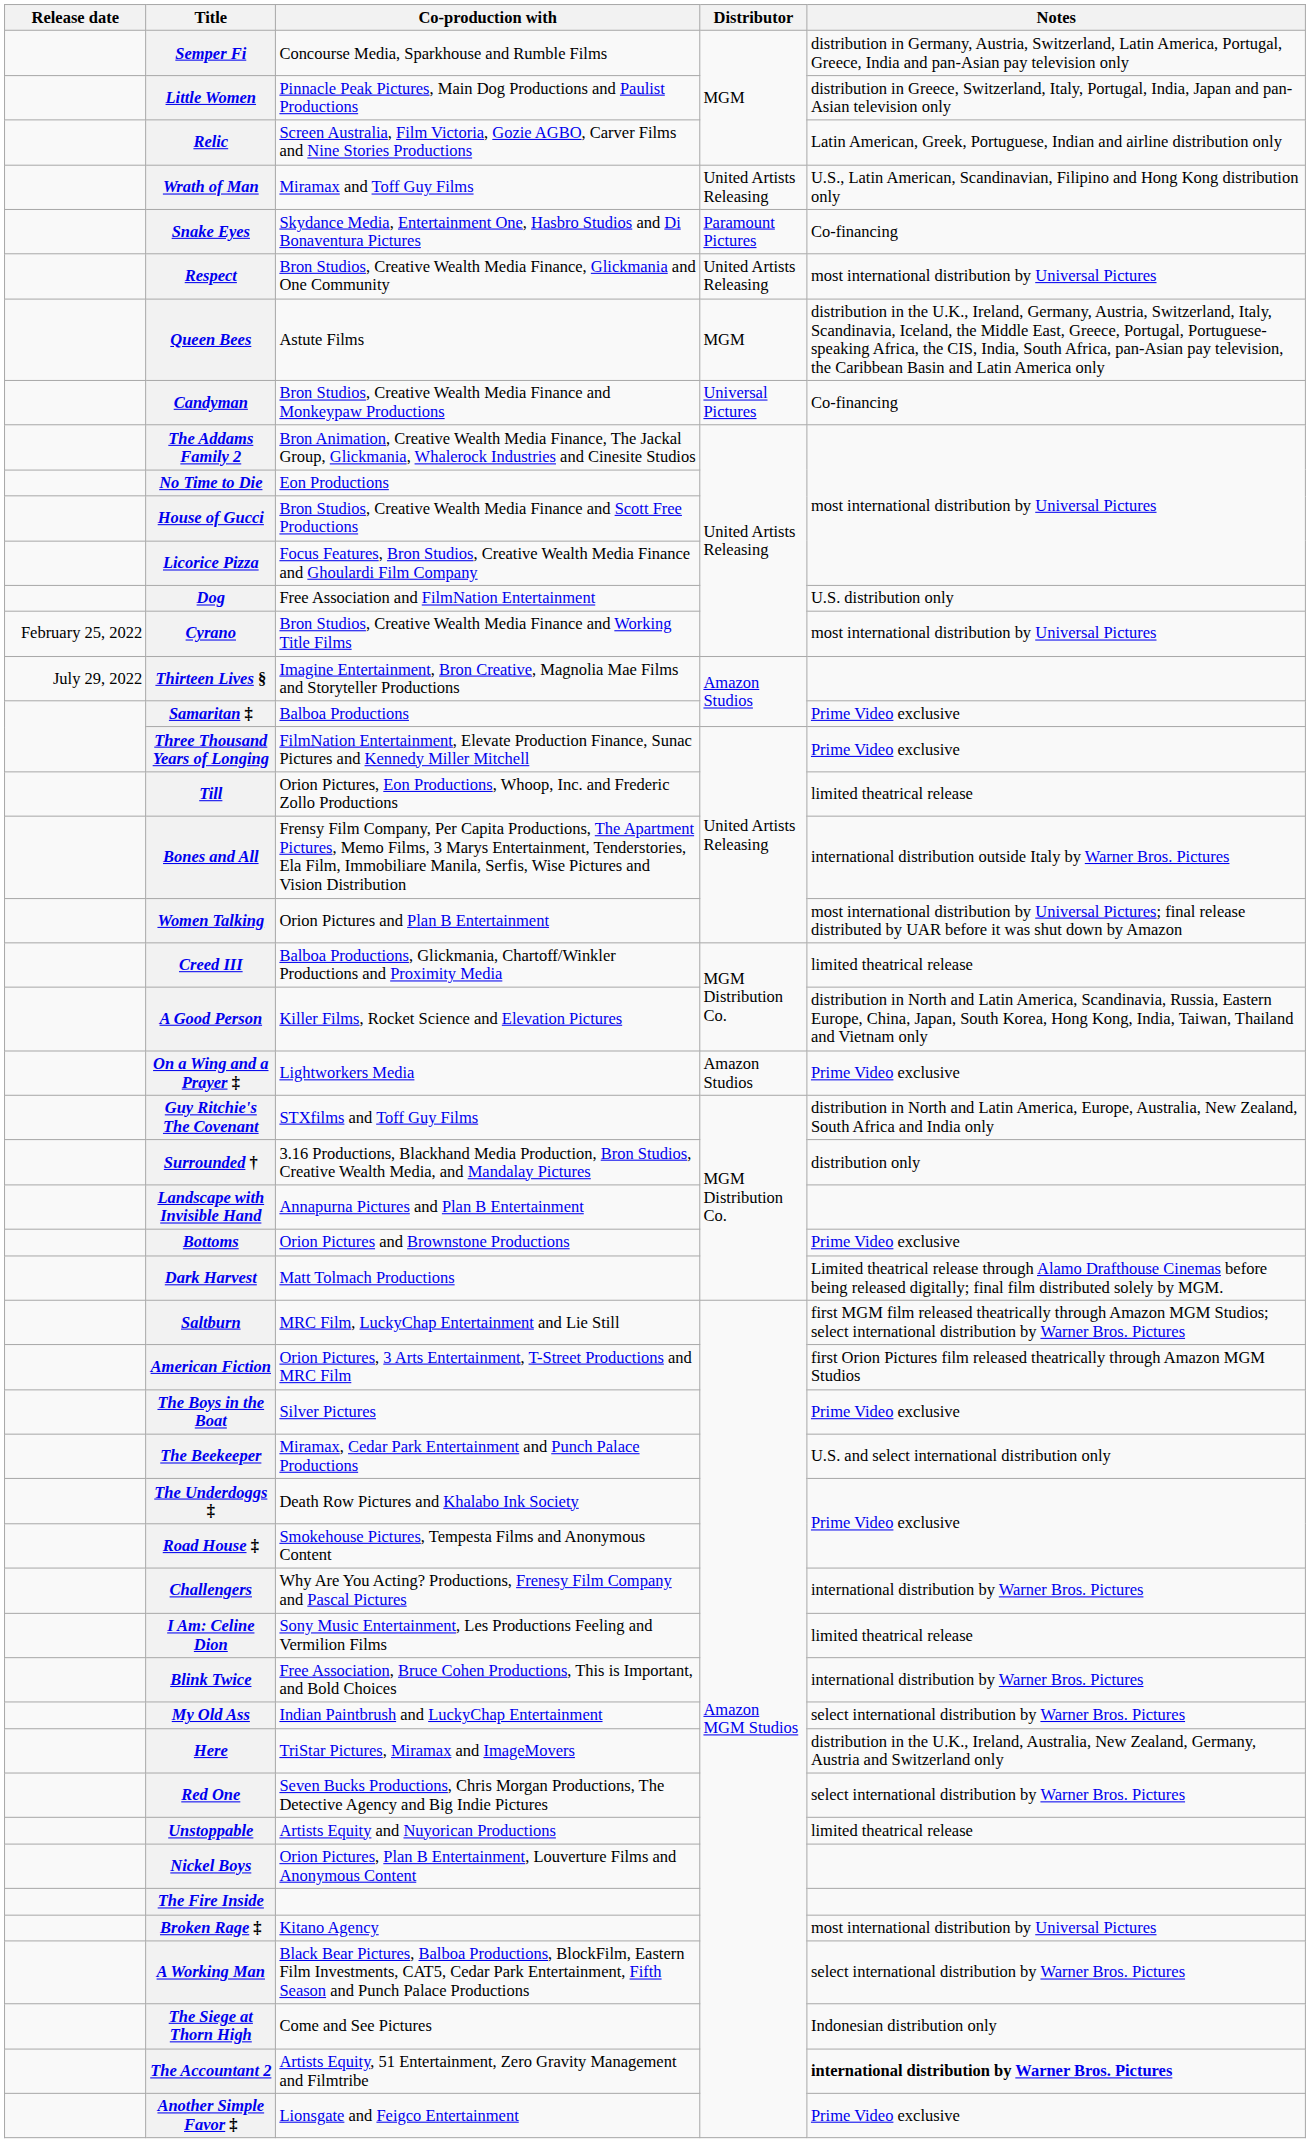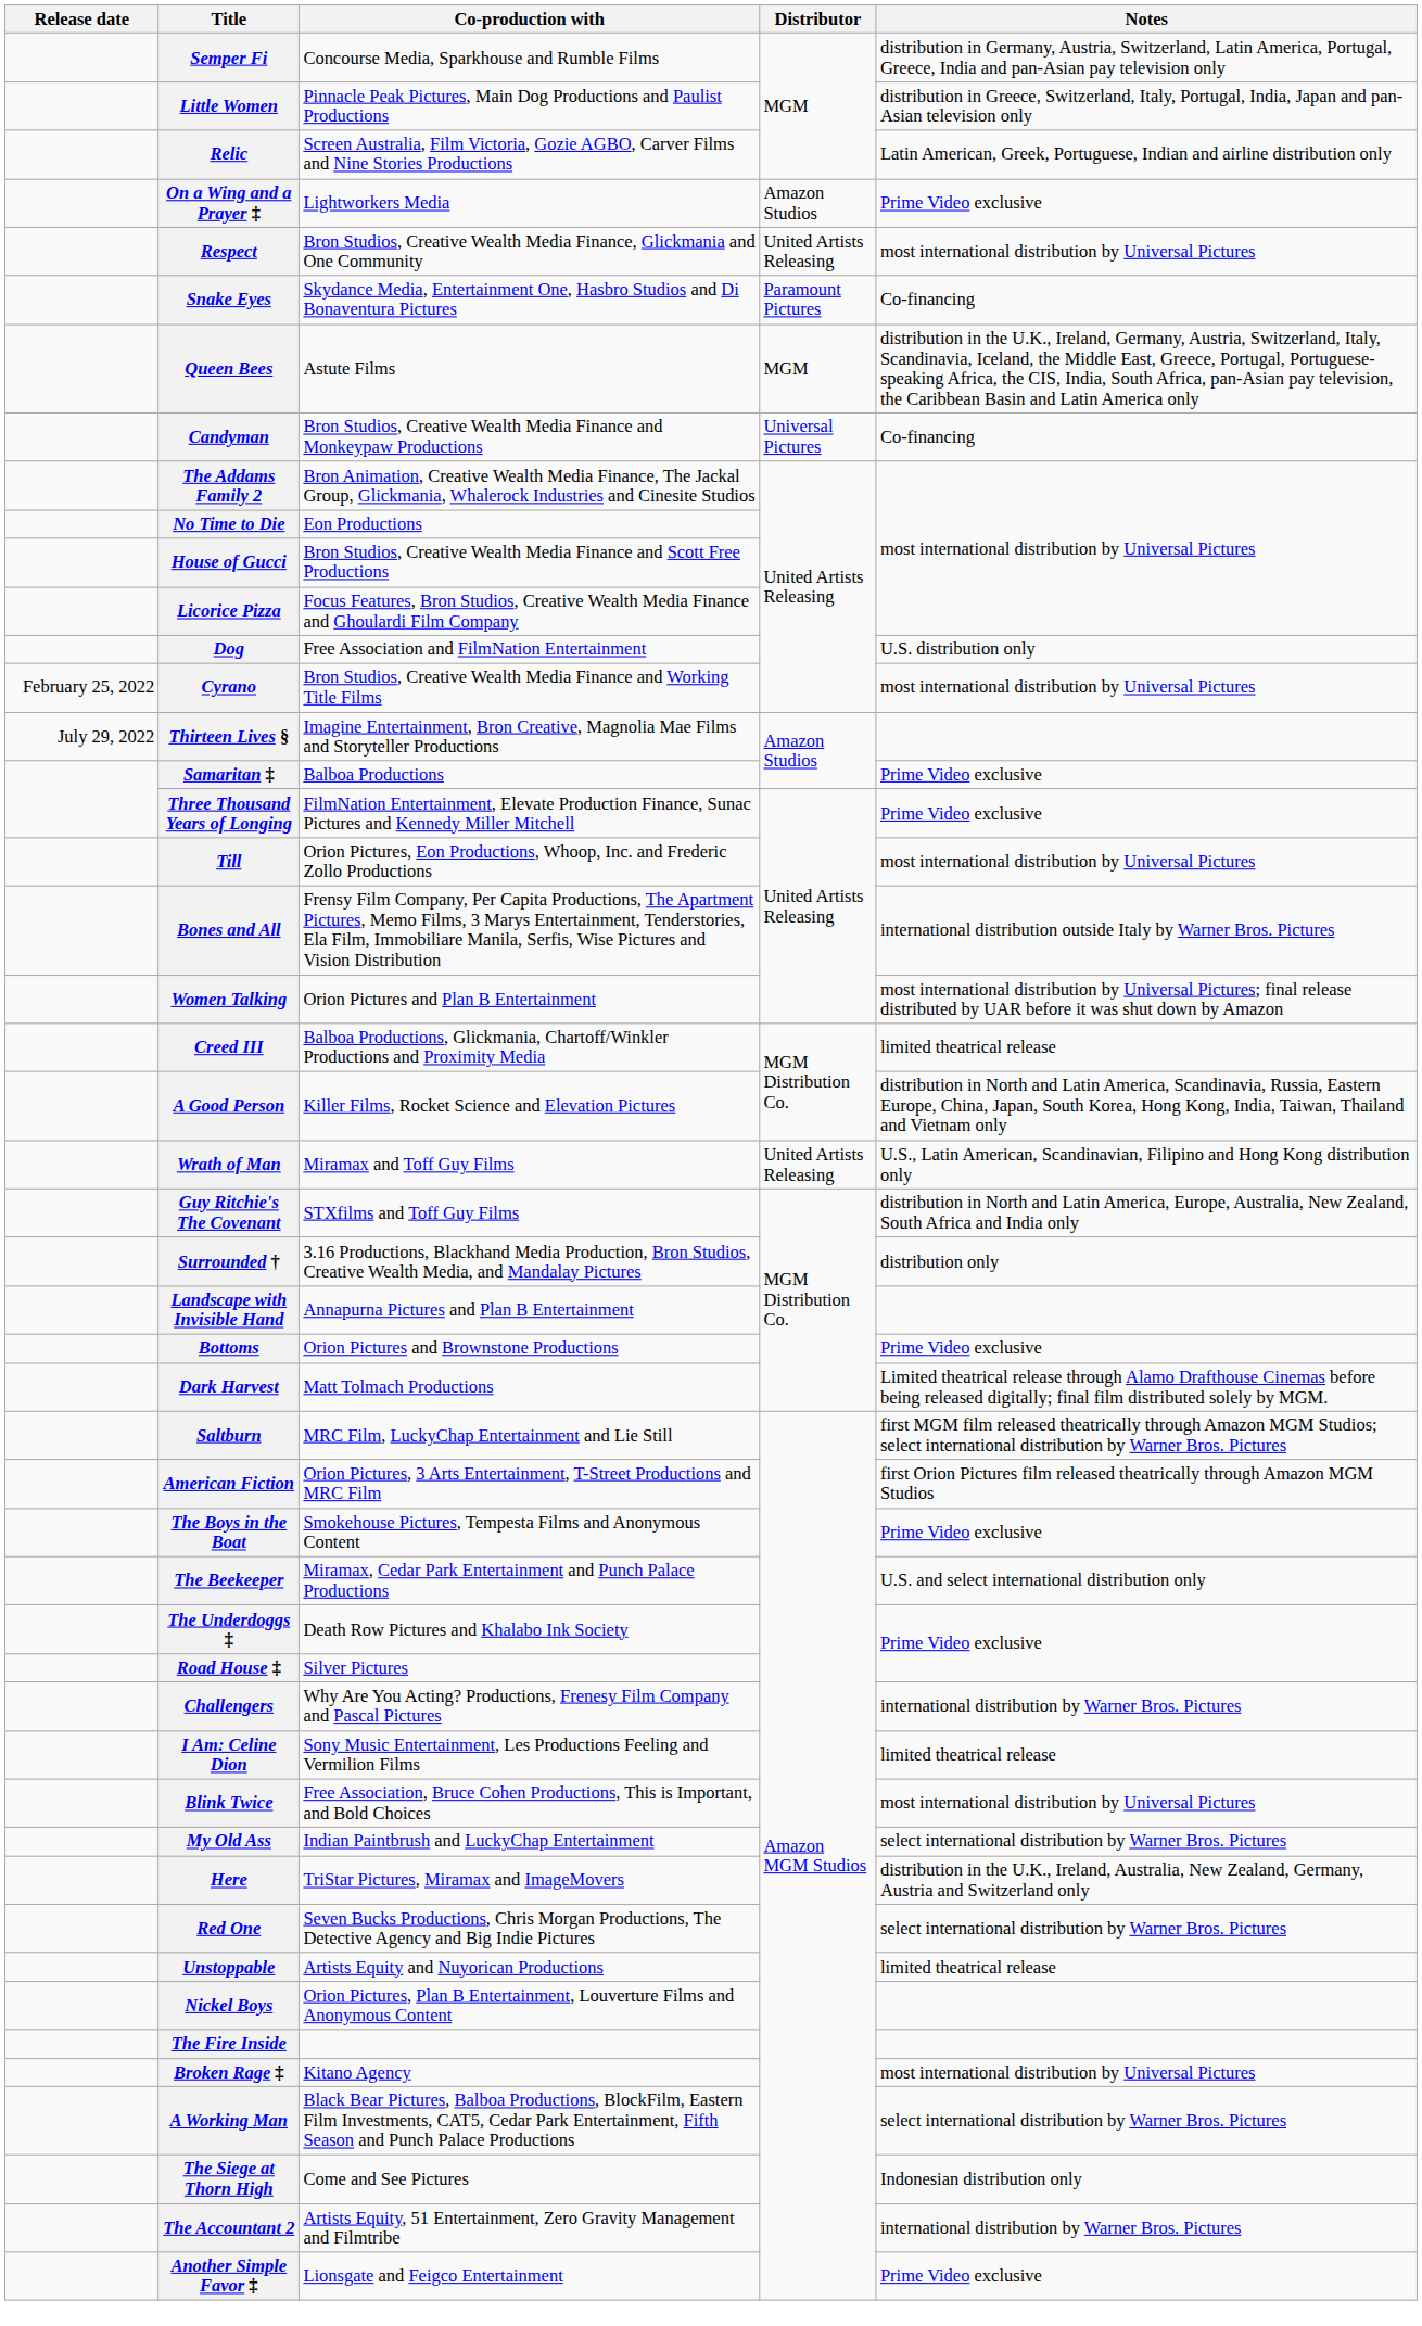 <table class="wikitable plainrowheaders sortable" style="width:100%;">
 <tr>
 <th scope="col" style="width:130px;">Release date</th>
 <th scope="col">Title</th>
 <th scope="col">Co-production with</th>
 <th scope="col">Distributor</th>
 <th scope="col">Notes</th>
 </tr>
 <tr>
 <td style="text-align:right;"></td>
 <th scope="row"><em><a href='#'>Semper Fi</a></em></th>
 <td>Concourse Media, Sparkhouse and Rumble Films</td>
 <td rowspan="3">MGM</td>
 <td>distribution in Germany, Austria, Switzerland, Latin America, Portugal, Greece, India and pan-Asian pay television only</td>
 </tr>
 <tr>
 <td style="text-align:right;"></td>
 <th scope="row"><em><a href='#'>Little Women</a></em></th>
 <td><a href='#'>Pinnacle Peak Pictures</a>, Main Dog Productions and <a href='#'>Paulist Productions</a></td>
 <td>distribution in Greece, Switzerland, Italy, Portugal, India, Japan and pan-Asian television only</td>
 </tr>
 <tr>
 <td style="text-align:right;"></td>
 <th scope="row"><em><a href='#'>Relic</a></em></th>
 <td><a href='#'>Screen Australia</a>, <a href='#'>Film Victoria</a>, <a href='#'>Gozie AGBO</a>, Carver Films and <a href='#'>Nine Stories Productions</a></td>
 <td>Latin American, Greek, Portuguese, Indian and airline distribution only</td>
 </tr>
 <tr>
 <td style="text-align:right;"></td>
-<th scope="row"><em><a href='#'>Wrath of Man</a></em></th>
-<td><a href='#'>Miramax</a> and <a href='#'>Toff Guy Films</a></td>
+<th scope="row"><em><a href='#'>On a Wing and a Prayer</a></em> ‡</th>
+<td><a href='#'>Lightworkers Media</a></td>
+<td>Amazon Studios</td>
+<td><a href='#'>Prime Video</a> exclusive</td>
+</tr>
+<tr>
+<td style="text-align:right;"></td>
+<th scope="row"><em><a href='#'>Respect</a></em></th>
+<td><a href='#'>Bron Studios</a>, Creative Wealth Media Finance, <a href='#'>Glickmania</a> and One Community</td>
 <td>United Artists Releasing</td>
-<td>U.S., Latin American, Scandinavian, Filipino and Hong Kong distribution only</td>
+<td>most international distribution by <a href='#'>Universal Pictures</a></td>
 </tr>
 <tr>
 <td style="text-align:right;"></td>
 <th scope="row"><em><a href='#'>Snake Eyes</a></em></th>
 <td><a href='#'>Skydance Media</a>, <a href='#'>Entertainment One</a>, <a href='#'>Hasbro Studios</a> and <a href='#'>Di Bonaventura Pictures</a></td>
 <td><a href='#'>Paramount Pictures</a></td>
 <td>Co-financing</td>
-</tr>
-<tr>
-<td style="text-align:right;"></td>
-<th scope="row"><em><a href='#'>Respect</a></em></th>
-<td><a href='#'>Bron Studios</a>, Creative Wealth Media Finance, <a href='#'>Glickmania</a> and One Community</td>
-<td>United Artists Releasing</td>
-<td>most international distribution by <a href='#'>Universal Pictures</a></td>
 </tr>
 <tr>
 <td style="text-align:right;"></td>
 <th scope="row"><em><a href='#'>Queen Bees</a></em></th>
 <td>Astute Films</td>
 <td>MGM</td>
 <td>distribution in the U.K., Ireland, Germany, Austria, Switzerland, Italy, Scandinavia, Iceland, the Middle East, Greece, Portugal, Portuguese-speaking Africa, the CIS, India, South Africa, pan-Asian pay television, the Caribbean Basin and Latin America only</td>
 </tr>
 <tr>
 <td style="text-align:right;"></td>
 <th scope="row"><em><a href='#'>Candyman</a></em></th>
 <td><a href='#'>Bron Studios</a>, Creative Wealth Media Finance and <a href='#'>Monkeypaw Productions</a></td>
 <td><a href='#'>Universal Pictures</a></td>
 <td>Co-financing</td>
 </tr>
 <tr>
 <td style="text-align:right;"></td>
 <th scope="row"><em><a href='#'>The Addams Family 2</a></em></th>
 <td><a href='#'>Bron Animation</a>, Creative Wealth Media Finance, The Jackal Group, <a href='#'>Glickmania</a>, <a href='#'>Whalerock Industries</a> and Cinesite Studios</td>
 <td rowspan="6">United Artists Releasing</td>
 <td rowspan="4">most international distribution by <a href='#'>Universal Pictures</a></td>
 </tr>
 <tr>
 <td style="text-align:right;"></td>
 <th scope="row"><em><a href='#'>No Time to Die</a></em></th>
 <td><a href='#'>Eon Productions</a></td>
 </tr>
 <tr>
 <td style="text-align:right;"></td>
 <th scope="row"><em><a href='#'>House of Gucci</a></em></th>
 <td><a href='#'>Bron Studios</a>, Creative Wealth Media Finance and <a href='#'>Scott Free Productions</a></td>
 </tr>
 <tr>
 <td style="text-align:right;"></td>
 <th scope="row"><em><a href='#'>Licorice Pizza</a></em></th>
 <td><a href='#'>Focus Features</a>, <a href='#'>Bron Studios</a>, Creative Wealth Media Finance and <a href='#'>Ghoulardi Film Company</a></td>
 </tr>
 <tr>
 <td style="text-align:right;"></td>
 <th scope="row"><em><a href='#'>Dog</a></em></th>
 <td>Free Association and <a href='#'>FilmNation Entertainment</a></td>
 <td>U.S. distribution only</td>
 </tr>
 <tr>
 <td style="text-align:right;">February 25, 2022</td>
 <th scope="row"><em><a href='#'>Cyrano</a></em></th>
 <td><a href='#'>Bron Studios</a>, Creative Wealth Media Finance and <a href='#'>Working Title Films</a></td>
 <td>most international distribution by <a href='#'>Universal Pictures</a></td>
 </tr>
 <tr>
 <td style="text-align:right;">July 29, 2022</td>
 <th scope="row"><em><a href='#'>Thirteen Lives</a></em> §</th>
 <td><a href='#'>Imagine Entertainment</a>, <a href='#'>Bron Creative</a>, Magnolia Mae Films and Storyteller Productions</td>
 <td rowspan="2"><a href='#'>Amazon Studios</a></td>
 <td></td>
 </tr>
 <tr>
 <td rowspan="2" style="text-align:right;"></td>
 <th scope="row"><em><a href='#'>Samaritan</a></em> ‡</th>
 <td><a href='#'>Balboa Productions</a></td>
 <td><a href='#'>Prime Video</a> exclusive</td>
 </tr>
 <tr>
 <th scope="row"><em><a href='#'>Three Thousand Years of Longing</a></em></th>
 <td><a href='#'>FilmNation Entertainment</a>, Elevate Production Finance, Sunac Pictures and <a href='#'>Kennedy Miller Mitchell</a></td>
 <td rowspan="4">United Artists Releasing</td>
 <td><a href='#'>Prime Video</a> exclusive</td>
 </tr>
 <tr>
 <td style= "text-align:right;"></td>
 <th scope="row"><em><a href='#'>Till</a></em></th>
 <td>Orion Pictures, <a href='#'>Eon Productions</a>, Whoop, Inc. and Frederic Zollo Productions</td>
-<td>limited theatrical release</td>
+<td>most international distribution by <a href='#'>Universal Pictures</a></td>
 </tr>
 <tr>
 <td style="text-align:right;"></td>
 <th scope="row"><em><a href='#'>Bones and All</a></em></th>
 <td>Frensy Film Company, Per Capita Productions, <a href='#'>The Apartment Pictures</a>, Memo Films, 3 Marys Entertainment, Tenderstories, Ela Film, Immobiliare Manila, Serfis, Wise Pictures and Vision Distribution</td>
 <td>international distribution outside Italy by <a href='#'>Warner Bros. Pictures</a></td>
 </tr>
 <tr>
 <td style= "text-align:right;"></td>
 <th scope="row"><em><a href='#'>Women Talking</a></em></th>
 <td>Orion Pictures and <a href='#'>Plan B Entertainment</a></td>
 <td>most international distribution by <a href='#'>Universal Pictures</a>; final release distributed by UAR before it was shut down by Amazon</td>
 </tr>
 <tr>
 <td style="text-align:right;"></td>
 <th scope="row"><em><a href='#'>Creed III</a></em></th>
 <td><a href='#'>Balboa Productions</a>, Glickmania, Chartoff/Winkler Productions and <a href='#'>Proximity Media</a></td>
 <td rowspan="2">MGM Distribution Co.</td>
 <td>limited theatrical release</td>
 </tr>
 <tr>
 <td style="text-align:right;"></td>
 <th scope="row"><em><a href='#'>A Good Person</a></em></th>
 <td><a href='#'>Killer Films</a>, Rocket Science and <a href='#'>Elevation Pictures</a></td>
 <td>distribution in North and Latin America, Scandinavia, Russia, Eastern Europe, China, Japan, South Korea, Hong Kong, India, Taiwan, Thailand and Vietnam only</td>
 </tr>
 <tr>
 <td style="text-align:right;"></td>
-<th scope="row"><em><a href='#'>On a Wing and a Prayer</a></em> ‡</th>
-<td><a href='#'>Lightworkers Media</a></td>
-<td>Amazon Studios</td>
-<td><a href='#'>Prime Video</a> exclusive</td>
+<th scope="row"><em><a href='#'>Wrath of Man</a></em></th>
+<td><a href='#'>Miramax</a> and <a href='#'>Toff Guy Films</a></td>
+<td>United Artists Releasing</td>
+<td>U.S., Latin American, Scandinavian, Filipino and Hong Kong distribution only</td>
 </tr>
 <tr>
 <td style="text-align:right;"></td>
 <th scope="row"><em><a href='#'>Guy Ritchie's The Covenant</a></em></th>
 <td><a href='#'>STXfilms</a> and <a href='#'>Toff Guy Films</a></td>
 <td rowspan="5">MGM Distribution Co.</td>
 <td>distribution in North and Latin America, Europe, Australia, New Zealand, South Africa and India only</td>
 </tr>
 <tr>
 <td style="text-align:right;"></td>
 <th scope="row"><em><a href='#'>Surrounded</a></em> †</th>
 <td>3.16 Productions, Blackhand Media Production, <a href='#'>Bron Studios</a>, Creative Wealth Media, and <a href='#'>Mandalay Pictures</a></td>
 <td>distribution only</td>
 </tr>
 <tr>
 <td style="text-align:right;"></td>
 <th scope="row"><em><a href='#'>Landscape with Invisible Hand</a></em></th>
 <td><a href='#'>Annapurna Pictures</a> and <a href='#'>Plan B Entertainment</a></td>
 <td></td>
 </tr>
 <tr>
 <td style="text-align:right;"></td>
 <th scope="row"><em><a href='#'>Bottoms</a></em></th>
 <td><a href='#'>Orion Pictures</a> and <a href='#'>Brownstone Productions</a></td>
 <td><a href='#'>Prime Video</a> exclusive</td>
 </tr>
 <tr>
 <td style="text-align:right;"></td>
 <th scope="row"><em><a href='#'>Dark Harvest</a></em></th>
 <td><a href='#'>Matt Tolmach Productions</a></td>
 <td>Limited theatrical release through <a href='#'>Alamo Drafthouse Cinemas</a> before being released digitally; final film distributed solely by MGM.</td>
 </tr>
 <tr>
 <td style="text-align:right;"></td>
 <th scope="row"><em><a href='#'>Saltburn</a></em></th>
 <td><a href='#'>MRC Film</a>, <a href='#'>LuckyChap Entertainment</a> and Lie Still</td>
 <td rowspan="21"><a href='#'>Amazon MGM Studios</a></td>
 <td>first MGM film released theatrically through Amazon MGM Studios; select international distribution by <a href='#'>Warner Bros. Pictures</a></td>
 </tr>
 <tr>
 <td style="text-align:right;"></td>
 <th scope="row"><em><a href='#'>American Fiction</a></em></th>
 <td><a href='#'>Orion Pictures</a>, <a href='#'>3 Arts Entertainment</a>, <a href='#'>T-Street Productions</a> and <a href='#'>MRC Film</a></td>
 <td>first Orion Pictures film released theatrically through Amazon MGM Studios</td>
 </tr>
 <tr>
 <td style="text-align:right;"></td>
 <th scope="row"><em><a href='#'>The Boys in the Boat</a></em></th>
-<td><a href='#'>Silver Pictures</a></td>
+<td><a href='#'>Smokehouse Pictures</a>, Tempesta Films and Anonymous Content </td>
 <td><a href='#'>Prime Video</a> exclusive</td>
 </tr>
 <tr>
 <td style="text-align:right;"></td>
 <th scope="row"><em><a href='#'>The Beekeeper</a></em></th>
 <td><a href='#'>Miramax</a>, <a href='#'>Cedar Park Entertainment</a> and <a href='#'>Punch Palace Productions</a></td>
 <td>U.S. and select international distribution only</td>
 </tr>
 <tr>
 <td style="text-align:right;"></td>
 <th scope="row"><em><a href='#'>The Underdoggs</a></em> ‡</th>
 <td>Death Row Pictures and <a href='#'>Khalabo Ink Society</a></td>
 <td rowspan="2"><a href='#'>Prime Video</a> exclusive</td>
 </tr>
 <tr>
 <td style="text-align:right;"></td>
 <th scope="row"><em><a href='#'>Road House</a></em> ‡</th>
-<td><a href='#'>Smokehouse Pictures</a>, Tempesta Films and Anonymous Content </td>
+<td><a href='#'>Silver Pictures</a></td>
 </tr>
 <tr>
 <td style="text-align:right;"></td>
 <th scope="row"><em><a href='#'>Challengers</a></em></th>
 <td>Why Are You Acting? Productions, <a href='#'>Frenesy Film Company</a> and <a href='#'>Pascal Pictures</a></td>
 <td>international distribution by <a href='#'>Warner Bros. Pictures</a></td>
 </tr>
 <tr>
 <td style="text-align:right;"></td>
 <th scope="row"><em><a href='#'>I Am: Celine Dion</a></em></th>
 <td><a href='#'>Sony Music Entertainment</a>, Les Productions Feeling and Vermilion Films</td>
 <td>limited theatrical release</td>
 </tr>
 <tr>
 <td style="text-align:right;"></td>
 <th scope="row"><em><a href='#'>Blink Twice</a></em></th>
 <td><a href='#'>Free Association</a>, <a href='#'>Bruce Cohen Productions</a>, This is Important, and Bold Choices</td>
-<td>international distribution by <a href='#'>Warner Bros. Pictures</a></td>
+<td>most international distribution by <a href='#'>Universal Pictures</a></td>
 </tr>
 <tr>
 <td style="text-align:right;"></td>
 <th scope="row"><em><a href='#'>My Old Ass</a></em></th>
 <td><a href='#'>Indian Paintbrush</a> and <a href='#'>LuckyChap Entertainment</a></td>
 <td>select international distribution by <a href='#'>Warner Bros. Pictures</a></td>
 </tr>
 <tr>
 <td style="text-align:right;"></td>
 <th scope="row"><em><a href='#'>Here</a></em></th>
 <td><a href='#'>TriStar Pictures</a>, <a href='#'>Miramax</a> and <a href='#'>ImageMovers</a></td>
 <td>distribution in the U.K., Ireland, Australia, New Zealand, Germany, Austria and Switzerland only</td>
 </tr>
 <tr>
 <td style="text-align:right;"></td>
 <th scope="row"><em><a href='#'>Red One</a></em></th>
 <td><a href='#'>Seven Bucks Productions</a>, Chris Morgan Productions, The Detective Agency and Big Indie Pictures</td>
 <td>select international distribution by <a href='#'>Warner Bros. Pictures</a></td>
 </tr>
 <tr>
 <td style="text-align:right;"></td>
 <th scope="row"><em><a href='#'>Unstoppable</a></em></th>
 <td><a href='#'>Artists Equity</a> and <a href='#'>Nuyorican Productions</a></td>
 <td>limited theatrical release</td>
 </tr>
 <tr>
 <td style="text-align:right;"></td>
 <th scope="row"><em><a href='#'>Nickel Boys</a></em></th>
 <td><a href='#'>Orion Pictures</a>, <a href='#'>Plan B Entertainment</a>, Louverture Films and <a href='#'>Anonymous Content</a></td>
 <td></td>
 </tr>
 <tr>
 <td style="text-align:right;"></td>
 <th scope="row"><em><a href='#'>The Fire Inside</a></em></th>
 <td></td>
 <td></td>
 </tr>
 <tr>
 <td style="text-align:right;"></td>
 <th scope="row"><em><a href='#'>Broken Rage</a></em> ‡</th>
 <td><a href='#'>Kitano Agency</a></td>
 <td>most international distribution by <a href='#'>Universal Pictures</a></td>
 </tr>
 <tr>
 <td style="text-align:right;"></td>
 <th scope="row"><em><a href='#'>A Working Man</a></em></th>
 <td><a href='#'>Black Bear Pictures</a>, <a href='#'>Balboa Productions</a>, BlockFilm, Eastern Film Investments, CAT5, Cedar Park Entertainment, <a href='#'>Fifth Season</a> and Punch Palace Productions</td>
 <td>select international distribution by <a href='#'>Warner Bros. Pictures</a></td>
 </tr>
 <tr>
 <td style="text-align:right;"></td>
 <th scope="row"><em><a href='#'>The Siege at Thorn High</a></em></th>
 <td>Come and See Pictures</td>
 <td>Indonesian distribution only</td>
 </tr>
 <tr>
 <td style="text-align:right;"></td>
 <th scope="row"><em><a href='#'>The Accountant 2</a></em></th>
 <td><a href='#'>Artists Equity</a>, 51 Entertainment, Zero Gravity Management and Filmtribe</td>
-<td><strong>international distribution by <a href='#'>Warner Bros. Pictures</a></strong></td>
+<td>international distribution by <a href='#'>Warner Bros. Pictures</a></td>
 </tr>
 <tr>
 <td style="text-align:right;"></td>
 <th scope="row"><em><a href='#'>Another Simple Favor</a></em> ‡</th>
 <td><a href='#'>Lionsgate</a> and <a href='#'>Feigco Entertainment</a></td>
 <td><a href='#'>Prime Video</a> exclusive</td>
 </tr>
 </table>
